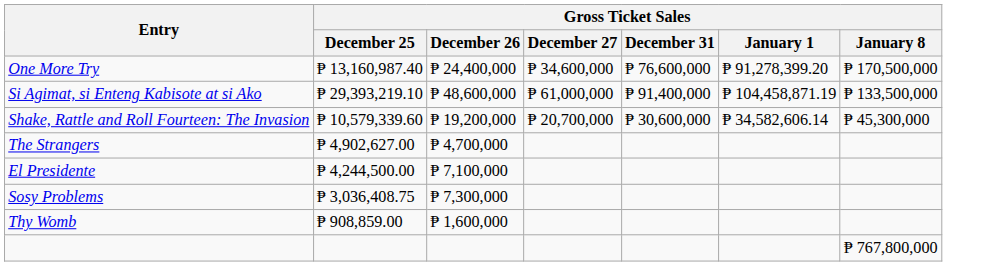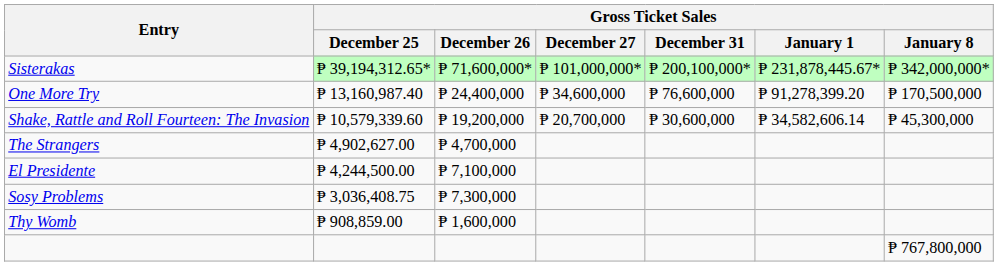 <table class="wikitable sortable" style="text align: center">
 <tr bgcolor="#efefef">
 <th rowspan=2>Entry</th>
 <th colspan=6>Gross Ticket Sales</th>
 </tr>
 <tr>
 <th>December 25</th>
 <th>December 26</th>
 <th>December 27</th>
 <th>December 31</th>
 <th>January 1</th>
 <th>January 8</th>
 </tr>
 <tr>
+<td><em><a href='#'>Sisterakas</a></em></td>
+<td data-sort-value="1" style="background:#BFFFC0;">₱ 39,194,312.65*</td>
+<td data-sort-value="1" style="background:#BFFFC0;">₱ 71,600,000*</td>
+<td data-sort-value="1" style="background:#BFFFC0;">₱ 101,000,000*</td>
+<td data-sort-value="1" style="background:#BFFFC0;">₱ 200,100,000*</td>
+<td data-sort-value="1" style="background:#BFFFC0;">₱ 231,878,445.67*</td>
+<td data-sort-value="1" style="background:#BFFFC0;">₱ 342,000,000*</td>
+</tr>
+<tr>
 <td><em><a href='#'>One More Try</a></em></td>
 <td data-sort-value="3">₱ 13,160,987.40</td>
 <td data-sort-value="3">₱ 24,400,000</td>
 <td data-sort-value="3">₱ 34,600,000</td>
 <td data-sort-value="3">₱ 76,600,000</td>
 <td data-sort-value="3">₱ 91,278,399.20</td>
 <td data-sort-value="2">₱ 170,500,000</td>
-</tr>
-<tr>
-<td><em><a href='#'>Si Agimat, si Enteng Kabisote at si Ako</a></em></td>
-<td data-sort-value="2">₱ 29,393,219.10</td>
-<td data-sort-value="2">₱ 48,600,000</td>
-<td data-sort-value="2">₱ 61,000,000</td>
-<td data-sort-value="2">₱ 91,400,000</td>
-<td data-sort-value="2">₱ 104,458,871.19</td>
-<td data-sort-value="3">₱ 133,500,000</td>
 </tr>
 <tr>
 <td><em><a href='#'>Shake, Rattle and Roll Fourteen: The Invasion</a></em></td>
 <td data-sort-value="4">₱ 10,579,339.60</td>
 <td data-sort-value="4">₱ 19,200,000</td>
 <td data-sort-value="4">₱ 20,700,000</td>
 <td data-sort-value="4">₱ 30,600,000</td>
 <td data-sort-value="4">₱ 34,582,606.14</td>
 <td data-sort-value="4">₱ 45,300,000</td>
 </tr>
 <tr>
 <td><em><a href='#'>The Strangers</a></em></td>
 <td data-sort-value="5">₱ 4,902,627.00</td>
 <td data-sort-value="7">₱ 4,700,000</td>
 <td data-sort-value="5"></td>
 <td data-sort-value="5"></td>
 <td data-sort-value="5"></td>
 <td data-sort-value="5"></td>
 </tr>
 <tr>
 <td><em><a href='#'>El Presidente</a></em></td>
 <td data-sort-value="6">₱ 4,244,500.00</td>
 <td data-sort-value="6">₱ 7,100,000</td>
 <td data-sort-value="6"></td>
 <td data-sort-value="6"></td>
 <td data-sort-value="6"></td>
 <td data-sort-value="6"></td>
 </tr>
 <tr>
 <td><em><a href='#'>Sosy Problems</a></em></td>
 <td data-sort-value="7">₱ 3,036,408.75</td>
 <td data-sort-value="5">₱ 7,300,000</td>
 <td data-sort-value="7"></td>
 <td data-sort-value="7"></td>
 <td data-sort-value="7"></td>
 <td data-sort-value="7"></td>
 </tr>
 <tr>
 <td><em><a href='#'>Thy Womb</a></em></td>
 <td data-sort-value="8">₱ 908,859.00</td>
 <td data-sort-value="8">₱ 1,600,000</td>
 <td data-sort-value="8"></td>
 <td data-sort-value="8"></td>
 <td data-sort-value="8"></td>
 <td data-sort-value="8"></td>
 </tr>
 <tr>
 <td></td>
 <td></td>
 <td></td>
 <td></td>
 <td></td>
 <td><strong></strong></td>
 <td>₱ 767,800,000</td>
 </tr>
 </table>
